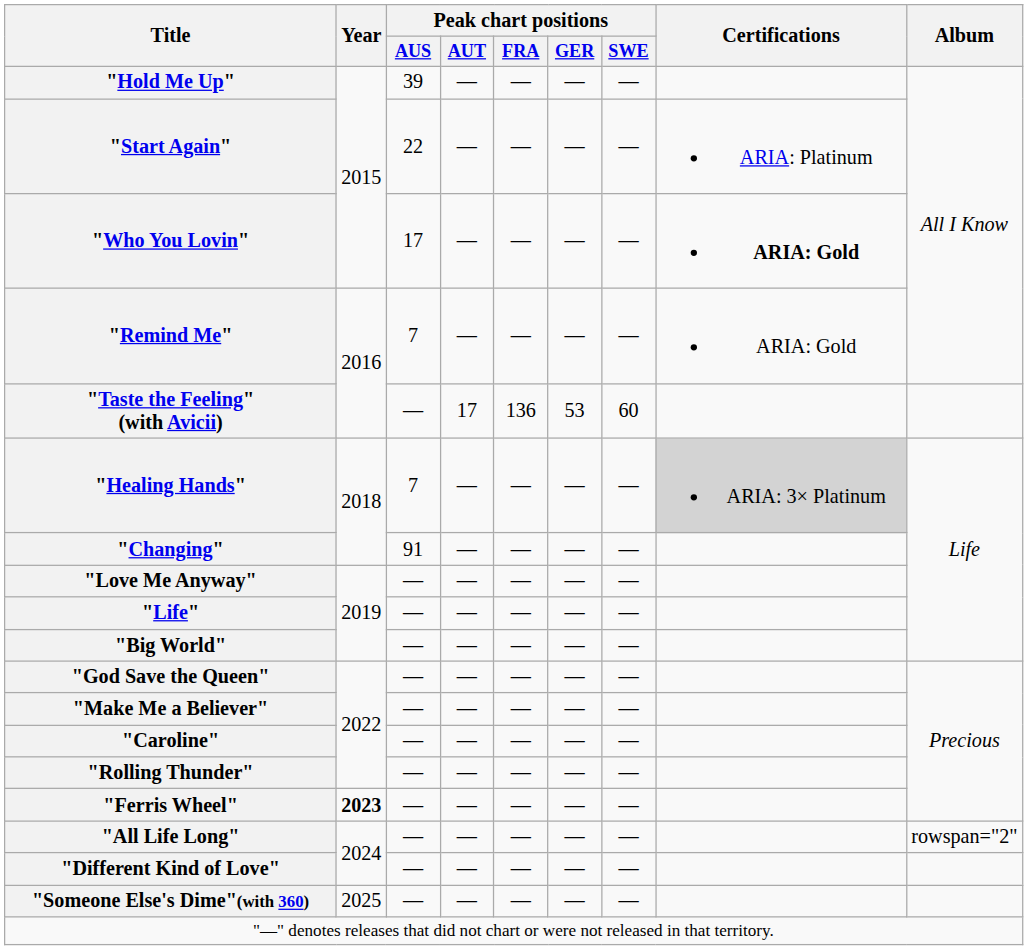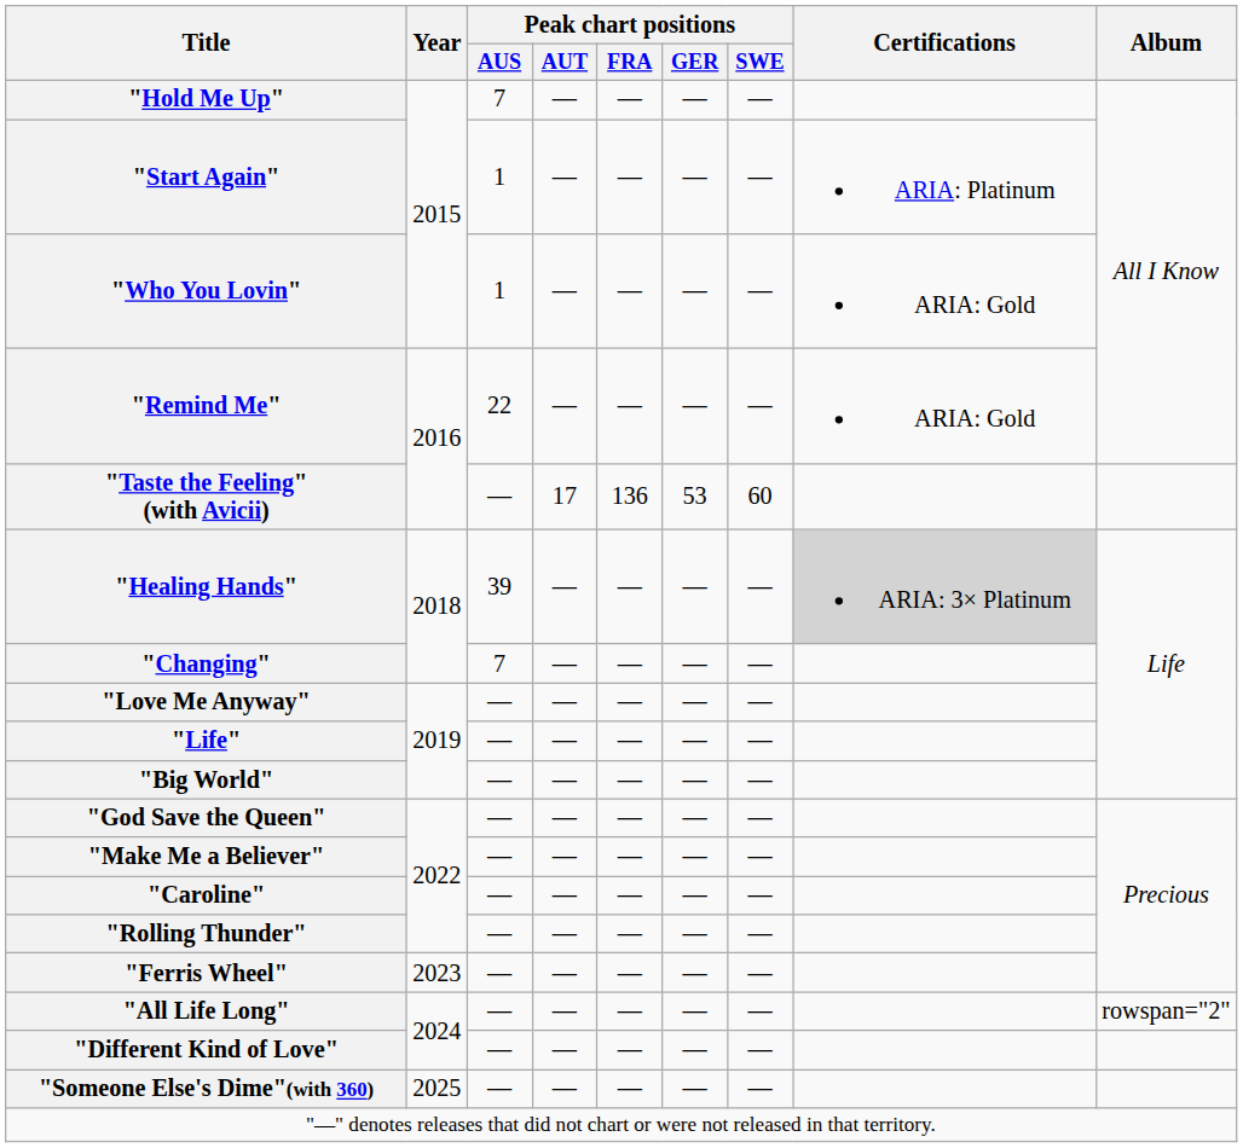 <table class="wikitable plainrowheaders" style="text-align:center;" border="1">
 <tr>
 <th scope="col" rowspan="2" style="width:16em;">Title</th>
 <th scope="col" rowspan="2">Year</th>
 <th scope="col" colspan="5">Peak chart positions</th>
 <th scope="col" rowspan="2" style="width:12em;">Certifications</th>
 <th scope="col" rowspan="2">Album</th>
 </tr>
 <tr>
 <th scope="col" style="width:2.5em;font-size:90%;"><a href='#'>AUS</a><br></th>
 <th scope="col" style="width:2.5em;font-size:90%;"><a href='#'>AUT</a><br></th>
 <th scope="col" style="width:2.5em;font-size:90%;"><a href='#'>FRA</a><br></th>
 <th scope="col" style="width:2.5em;font-size:90%;"><a href='#'>GER</a><br></th>
 <th scope="col" style="width:2.5em;font-size:90%;"><a href='#'>SWE</a><br></th>
 </tr>
 <tr>
 <th scope="row">"<a href='#'>Hold Me Up</a>"</th>
 <td rowspan="3">2015</td>
-<td>39</td>
+<td>7</td>
 <td>—</td>
 <td>—</td>
 <td>—</td>
 <td>—</td>
 <td></td>
 <td rowspan="4"><em>All I Know</em></td>
 </tr>
 <tr>
 <th scope="row">"<a href='#'>Start Again</a>"</th>
-<td>22</td>
+<td>1</td>
 <td>—</td>
 <td>—</td>
 <td>—</td>
 <td>—</td>
 <td><br><ul><li><a href='#'>ARIA</a>: Platinum</li></ul></td>
 </tr>
 <tr>
 <th scope="row">"<a href='#'>Who You Lovin</a>"</th>
-<td>17</td>
+<td>1</td>
 <td>—</td>
 <td>—</td>
 <td>—</td>
 <td>—</td>
-<td><strong><br><ul><li>ARIA: Gold</li></ul></strong></td>
+<td><br><ul><li>ARIA: Gold</li></ul></td>
 </tr>
 <tr>
 <th scope="row">"<a href='#'>Remind Me</a>"</th>
 <td rowspan="2">2016</td>
-<td>7</td>
+<td>22</td>
 <td>—</td>
 <td>—</td>
 <td>—</td>
 <td>—</td>
 <td><br><ul><li>ARIA: Gold</li></ul></td>
 </tr>
 <tr>
 <th scope="row">"<a href='#'>Taste the Feeling</a>"<br><span>(with <a href='#'>Avicii</a>)</span></th>
 <td>—</td>
 <td>17</td>
 <td>136</td>
 <td>53</td>
 <td>60</td>
 <td></td>
 <td></td>
 </tr>
 <tr>
 <th scope="row">"<a href='#'>Healing Hands</a>"</th>
 <td rowspan="2">2018</td>
-<td>7</td>
+<td>39</td>
 <td>—</td>
 <td>—</td>
 <td>—</td>
 <td>—</td>
 <td style="background: lightgrey;"><br><ul><li>ARIA: 3× Platinum</li></ul></td>
 <td rowspan="5"><em>Life</em></td>
 </tr>
 <tr>
 <th scope="row">"<a href='#'>Changing</a>"</th>
-<td>91</td>
+<td>7</td>
 <td>—</td>
 <td>—</td>
 <td>—</td>
 <td>—</td>
 <td></td>
 </tr>
 <tr>
 <th scope="row">"Love Me Anyway"</th>
 <td rowspan="3">2019</td>
 <td>—</td>
 <td>—</td>
 <td>—</td>
 <td>—</td>
 <td>—</td>
 <td></td>
 </tr>
 <tr>
 <th scope="row">"<a href='#'>Life</a>"</th>
 <td>—</td>
 <td>—</td>
 <td>—</td>
 <td>—</td>
 <td>—</td>
 <td></td>
 </tr>
 <tr>
 <th scope="row">"Big World"</th>
 <td>—</td>
 <td>—</td>
 <td>—</td>
 <td>—</td>
 <td>—</td>
 <td></td>
 </tr>
 <tr>
 <th scope="row">"God Save the Queen"</th>
 <td rowspan="4">2022</td>
 <td>—</td>
 <td>—</td>
 <td>—</td>
 <td>—</td>
 <td>—</td>
 <td></td>
 <td rowspan="5"><em>Precious</em></td>
 </tr>
 <tr>
 <th scope="row">"Make Me a Believer"</th>
 <td>—</td>
 <td>—</td>
 <td>—</td>
 <td>—</td>
 <td>—</td>
 <td></td>
 </tr>
 <tr>
 <th scope="row">"Caroline"</th>
 <td>—</td>
 <td>—</td>
 <td>—</td>
 <td>—</td>
 <td>—</td>
 <td></td>
 </tr>
 <tr>
 <th scope="row">"Rolling Thunder"</th>
 <td>—</td>
 <td>—</td>
 <td>—</td>
 <td>—</td>
 <td>—</td>
 <td></td>
 </tr>
 <tr>
 <th scope="row">"Ferris Wheel"</th>
-<td><strong>2023</strong></td>
+<td>2023</td>
 <td>—</td>
 <td>—</td>
 <td>—</td>
 <td>—</td>
 <td>—</td>
 <td></td>
 </tr>
 <tr>
 <th scope="row">"All Life Long"</th>
 <td rowspan="2">2024</td>
 <td>—</td>
 <td>—</td>
 <td>—</td>
 <td>—</td>
 <td>—</td>
 <td></td>
 <td>rowspan="2" </td>
 </tr>
 <tr>
 <th scope="row">"Different Kind of Love"</th>
 <td>—</td>
 <td>—</td>
 <td>—</td>
 <td>—</td>
 <td>—</td>
 <td></td>
 </tr>
 <tr>
 <th scope="row">"Someone Else's Dime"<small>(with <a href='#'>360</a>)</small></th>
 <td>2025</td>
 <td>—</td>
 <td>—</td>
 <td>—</td>
 <td>—</td>
 <td>—</td>
 <td></td>
 <td></td>
 </tr>
 <tr>
 <td colspan="15" style="font-size:85%">"—" denotes releases that did not chart or were not released in that territory.</td>
 </tr>
 </table>
